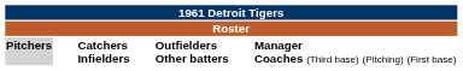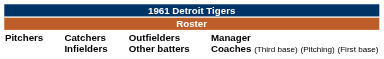 <table class="toccolours" style="font-size: 95%;">
 <tr>
 <th colspan="10" style="background-color: #003366; color: white; text-align: center;">1961 Detroit Tigers</th>
 </tr>
 <tr>
 <td colspan="10" style="background-color: #bd5d29; color: white; text-align: center;"><strong>Roster</strong></td>
 </tr>
 <tr>
-<td valign="top" style="background: lightgrey;"><strong>Pitchers</strong><br>                  </td>
+<td valign="top"><strong>Pitchers</strong><br>                  </td>
 <td width="25px"></td>
 <td valign="top"><strong>Catchers</strong><br>     <strong>Infielders</strong>         </td>
 <td width="25px"></td>
 <td valign="top"><strong>Outfielders</strong><br>       <strong>Other batters</strong>  </td>
 <td width="25px"></td>
 <td valign="top"><strong>Manager</strong><br> <strong>Coaches</strong> <small> (Third base)</small>  <small>(Pitching)</small> <small> (First base)</small></td>
 </tr>
 <tr>
 </tr>
 </table>
